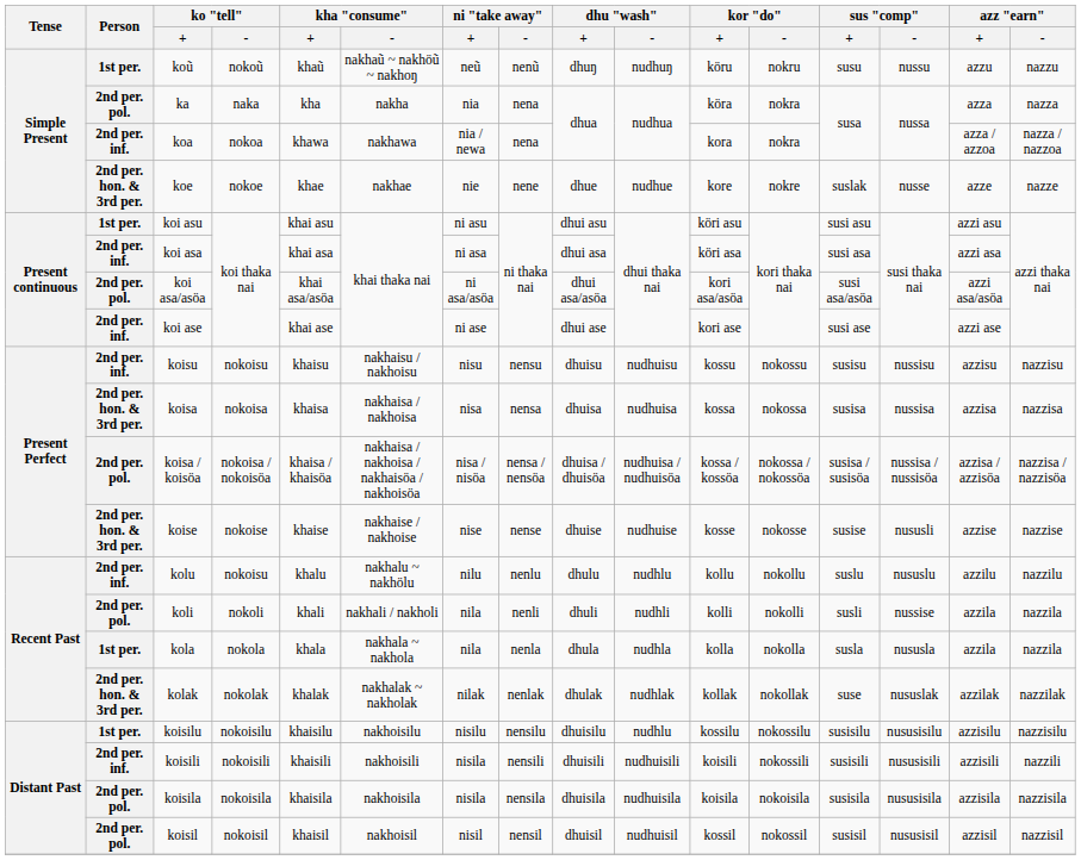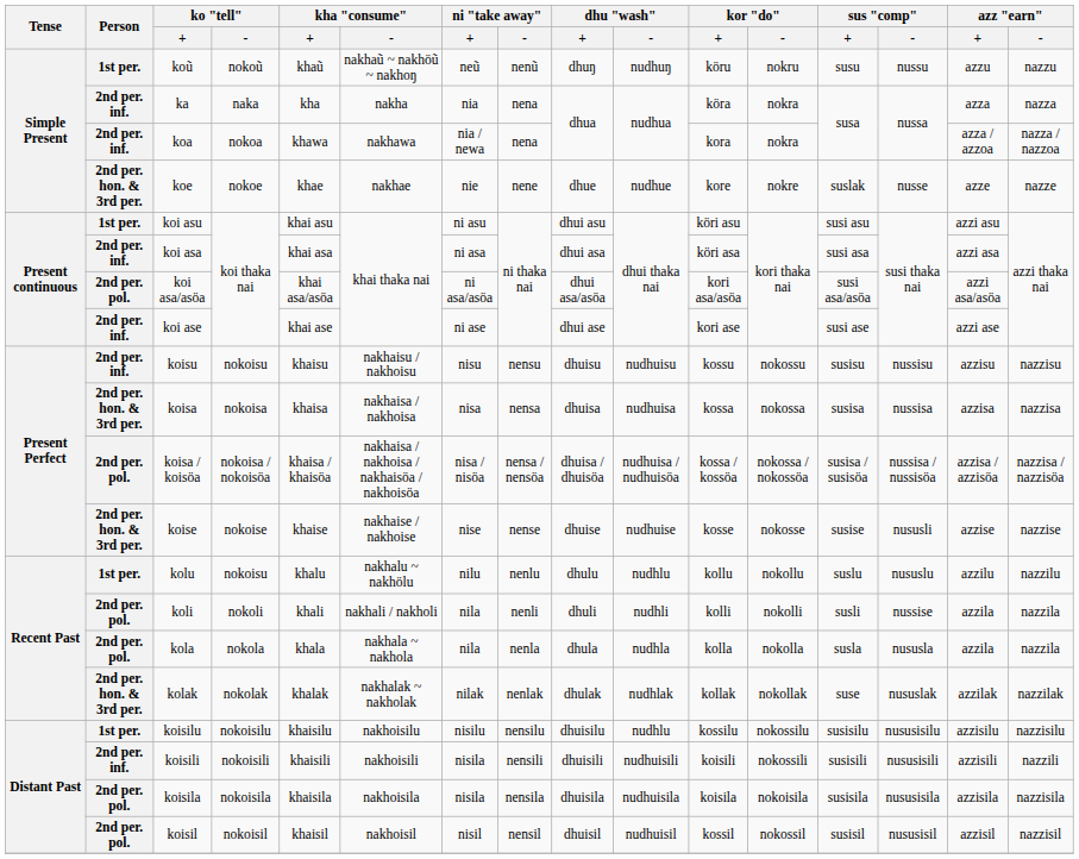 <table class="wikitable" style="text-align:center;" align="center" style="font-size:80%;">
 <tr>
 <th rowspan="2">Tense</th>
 <th rowspan="2">Person</th>
 <th colspan="2">ko "tell"</th>
 <th colspan="2">kha "consume"</th>
 <th colspan="2">ni "take away"</th>
 <th colspan="2">dhu "wash"</th>
 <th colspan="2">kor "do"</th>
 <th colspan="2">sus "comp"</th>
 <th colspan="2">azz "earn"</th>
 </tr>
 <tr>
 <th>+</th>
 <th>-</th>
 <th>+</th>
 <th>-</th>
 <th>+</th>
 <th>-</th>
 <th>+</th>
 <th>-</th>
 <th>+</th>
 <th>-</th>
 <th>+</th>
 <th>-</th>
 <th>+</th>
 <th>-</th>
 </tr>
 <tr>
 <th rowspan="4">Simple Present</th>
 <th>1st per.</th>
 <td>koũ</td>
 <td>nokoũ</td>
 <td>khaũ</td>
 <td>nakhaũ ~ nakhöũ ~ nakhoŋ</td>
 <td>neũ</td>
 <td>nenũ</td>
 <td>dhuŋ</td>
 <td>nudhuŋ</td>
 <td>köru</td>
 <td>nokru</td>
 <td>susu</td>
 <td>nussu</td>
 <td>azzu</td>
 <td>nazzu</td>
 </tr>
 <tr>
-<th>2nd per. pol.</th>
+<th>2nd per. inf.</th>
 <td>ka</td>
 <td>naka</td>
 <td>kha</td>
 <td>nakha</td>
 <td>nia</td>
 <td>nena</td>
 <td rowspan="2">dhua</td>
 <td rowspan="2">nudhua</td>
 <td>köra</td>
 <td>nokra</td>
 <td rowspan="2">susa</td>
 <td rowspan="2">nussa</td>
 <td>azza</td>
 <td>nazza</td>
 </tr>
 <tr>
 <th>2nd per. inf.</th>
 <td>koa</td>
 <td>nokoa</td>
 <td>khawa</td>
 <td>nakhawa</td>
 <td>nia / newa</td>
 <td>nena</td>
 <td>kora</td>
 <td>nokra</td>
 <td>azza / azzoa</td>
 <td>nazza / nazzoa</td>
 </tr>
 <tr>
 <th>2nd per. hon. & 3rd per.</th>
 <td>koe</td>
 <td>nokoe</td>
 <td>khae</td>
 <td>nakhae</td>
 <td>nie</td>
 <td>nene</td>
 <td>dhue</td>
 <td>nudhue</td>
 <td>kore</td>
 <td>nokre</td>
 <td>suslak</td>
 <td>nusse</td>
 <td>azze</td>
 <td>nazze</td>
 </tr>
 <tr>
 <th rowspan="4">Present continuous</th>
 <th>1st per.</th>
 <td>koi asu</td>
 <td rowspan="4">koi thaka nai</td>
 <td>khai asu</td>
 <td rowspan="4">khai thaka nai</td>
 <td>ni asu</td>
 <td rowspan="4">ni thaka nai</td>
 <td>dhui asu</td>
 <td rowspan="4">dhui thaka nai</td>
 <td>köri asu</td>
 <td rowspan="4">kori thaka nai</td>
 <td>susi asu</td>
 <td rowspan="4">susi thaka nai</td>
 <td>azzi asu</td>
 <td rowspan="4">azzi thaka nai</td>
 </tr>
 <tr>
 <th>2nd per. inf.</th>
 <td>koi asa</td>
 <td>khai asa</td>
 <td>ni asa</td>
 <td>dhui asa</td>
 <td>köri asa</td>
 <td>susi asa</td>
 <td>azzi asa</td>
 </tr>
 <tr>
 <th>2nd per. pol.</th>
 <td>koi asa/asöa</td>
 <td>khai asa/asöa</td>
 <td>ni asa/asöa</td>
 <td>dhui asa/asöa</td>
 <td>kori asa/asöa</td>
 <td>susi asa/asöa</td>
 <td>azzi asa/asöa</td>
 </tr>
 <tr>
 <th>2nd per. inf.</th>
 <td>koi ase</td>
 <td>khai ase</td>
 <td>ni ase</td>
 <td>dhui ase</td>
 <td>kori ase</td>
 <td>susi ase</td>
 <td>azzi ase</td>
 </tr>
 <tr>
 <th rowspan="4">Present Perfect</th>
 <th>2nd per. inf.</th>
 <td>koisu</td>
 <td>nokoisu</td>
 <td>khaisu</td>
 <td>nakhaisu / nakhoisu</td>
 <td>nisu</td>
 <td>nensu</td>
 <td>dhuisu</td>
 <td>nudhuisu</td>
 <td>kossu</td>
 <td>nokossu</td>
 <td>susisu</td>
 <td>nussisu</td>
 <td>azzisu</td>
 <td>nazzisu</td>
 </tr>
 <tr>
 <th>2nd per. hon. & 3rd per.</th>
 <td>koisa</td>
 <td>nokoisa</td>
 <td>khaisa</td>
 <td>nakhaisa / nakhoisa</td>
 <td>nisa</td>
 <td>nensa</td>
 <td>dhuisa</td>
 <td>nudhuisa</td>
 <td>kossa</td>
 <td>nokossa</td>
 <td>susisa</td>
 <td>nussisa</td>
 <td>azzisa</td>
 <td>nazzisa</td>
 </tr>
 <tr>
 <th>2nd per. pol.</th>
 <td>koisa / koisöa</td>
 <td>nokoisa / nokoisöa</td>
 <td>khaisa / khaisöa</td>
 <td>nakhaisa / nakhoisa / nakhaisöa / nakhoisöa</td>
 <td>nisa / nisöa</td>
 <td>nensa / nensöa</td>
 <td>dhuisa / dhuisöa</td>
 <td>nudhuisa / nudhuisöa</td>
 <td>kossa / kossöa</td>
 <td>nokossa / nokossöa</td>
 <td>susisa / susisöa</td>
 <td>nussisa / nussisöa</td>
 <td>azzisa / azzisöa</td>
 <td>nazzisa / nazzisöa</td>
 </tr>
 <tr>
 <th>2nd per. hon. & 3rd per.</th>
 <td>koise</td>
 <td>nokoise</td>
 <td>khaise</td>
 <td>nakhaise / nakhoise</td>
 <td>nise</td>
 <td>nense</td>
 <td>dhuise</td>
 <td>nudhuise</td>
 <td>kosse</td>
 <td>nokosse</td>
 <td>susise</td>
 <td>nususli</td>
 <td>azzise</td>
 <td>nazzise</td>
 </tr>
 <tr>
 <th rowspan="4">Recent Past</th>
-<th>2nd per. inf.</th>
+<th>1st per.</th>
 <td>kolu</td>
 <td>nokoisu</td>
 <td>khalu</td>
 <td>nakhalu ~ nakhölu</td>
 <td>nilu</td>
 <td>nenlu</td>
 <td>dhulu</td>
 <td>nudhlu</td>
 <td>kollu</td>
 <td>nokollu</td>
 <td>suslu</td>
 <td>nususlu</td>
 <td>azzilu</td>
 <td>nazzilu</td>
 </tr>
 <tr>
 <th>2nd per. pol.</th>
 <td>koli</td>
 <td>nokoli</td>
 <td>khali</td>
 <td>nakhali / nakholi</td>
 <td>nila</td>
 <td>nenli</td>
 <td>dhuli</td>
 <td>nudhli</td>
 <td>kolli</td>
 <td>nokolli</td>
 <td>susli</td>
 <td>nussise</td>
 <td>azzila</td>
 <td>nazzila</td>
 </tr>
 <tr>
-<th>1st per.</th>
+<th>2nd per. pol.</th>
 <td>kola</td>
 <td>nokola</td>
 <td>khala</td>
 <td>nakhala ~ nakhola</td>
 <td>nila</td>
 <td>nenla</td>
 <td>dhula</td>
 <td>nudhla</td>
 <td>kolla</td>
 <td>nokolla</td>
 <td>susla</td>
 <td>nususla</td>
 <td>azzila</td>
 <td>nazzila</td>
 </tr>
 <tr>
 <th>2nd per. hon. & 3rd per.</th>
 <td>kolak</td>
 <td>nokolak</td>
 <td>khalak</td>
 <td>nakhalak ~ nakholak</td>
 <td>nilak</td>
 <td>nenlak</td>
 <td>dhulak</td>
 <td>nudhlak</td>
 <td>kollak</td>
 <td>nokollak</td>
 <td>suse</td>
 <td>nususlak</td>
 <td>azzilak</td>
 <td>nazzilak</td>
 </tr>
 <tr>
 <th rowspan="4">Distant Past</th>
 <th>1st per.</th>
 <td>koisilu</td>
 <td>nokoisilu</td>
 <td>khaisilu</td>
 <td>nakhoisilu</td>
 <td>nisilu</td>
 <td>nensilu</td>
 <td>dhuisilu</td>
 <td>nudhlu</td>
 <td>kossilu</td>
 <td>nokossilu</td>
 <td>susisilu</td>
 <td>nususisilu</td>
 <td>azzisilu</td>
 <td>nazzisilu</td>
 </tr>
 <tr>
 <th>2nd per. inf.</th>
 <td>koisili</td>
 <td>nokoisili</td>
 <td>khaisili</td>
 <td>nakhoisili</td>
 <td>nisila</td>
 <td>nensili</td>
 <td>dhuisili</td>
 <td>nudhuisili</td>
 <td>koisili</td>
 <td>nokossili</td>
 <td>susisili</td>
 <td>nususisili</td>
 <td>azzisili</td>
 <td>nazzili</td>
 </tr>
 <tr>
 <th>2nd per. pol.</th>
 <td>koisila</td>
 <td>nokoisila</td>
 <td>khaisila</td>
 <td>nakhoisila</td>
 <td>nisila</td>
 <td>nensila</td>
 <td>dhuisila</td>
 <td>nudhuisila</td>
 <td>koisila</td>
 <td>nokoisila</td>
 <td>susisila</td>
 <td>nususisila</td>
 <td>azzisila</td>
 <td>nazzisila</td>
 </tr>
 <tr>
 <th>2nd per. pol.</th>
 <td>koisil</td>
 <td>nokoisil</td>
 <td>khaisil</td>
 <td>nakhoisil</td>
 <td>nisil</td>
 <td>nensil</td>
 <td>dhuisil</td>
 <td>nudhuisil</td>
 <td>kossil</td>
 <td>nokossil</td>
 <td>susisil</td>
 <td>nususisil</td>
 <td>azzisil</td>
 <td>nazzisil</td>
 </tr>
 <tr>
 </tr>
 </table>
